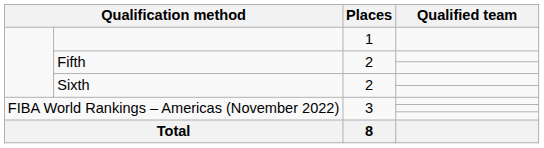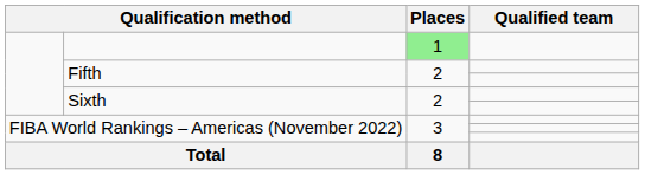 <table class="wikitable">
 <tr>
 <th colspan=2>Qualification method</th>
 <th>Places</th>
 <th width=150>Qualified team</th>
 </tr>
 <tr>
 <td rowspan=5><a href='#'></a></td>
 <td></td>
-<td align=center>1</td>
+<td align=center style="background: lightgreen;">1</td>
 <td></td>
 </tr>
 <tr>
 <td rowspan=2>Fifth</td>
 <td rowspan=2 align=center>2</td>
 <td><s></s></td>
 </tr>
 <tr>
 <td></td>
 </tr>
 <tr>
 <td rowspan=2>Sixth</td>
 <td rowspan=2 align=center>2</td>
 <td></td>
 </tr>
 <tr>
 <td></td>
 </tr>
 <tr>
 <td rowspan=3 colspan=2>FIBA World Rankings – Americas (November 2022)</td>
 <td rowspan=3 align=center>3</td>
 <td></td>
 </tr>
 <tr>
 <td></td>
 </tr>
 <tr>
 <td></td>
 </tr>
 <tr>
 <th colspan=2>Total</th>
 <th>8</th>
 <th></th>
 </tr>
 </table>
